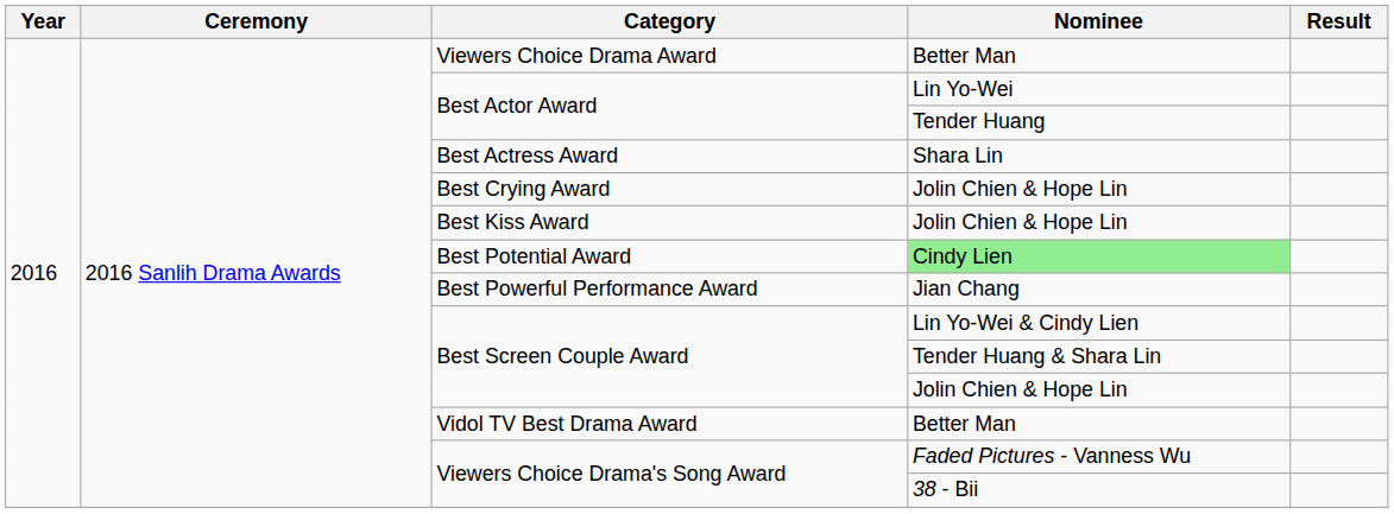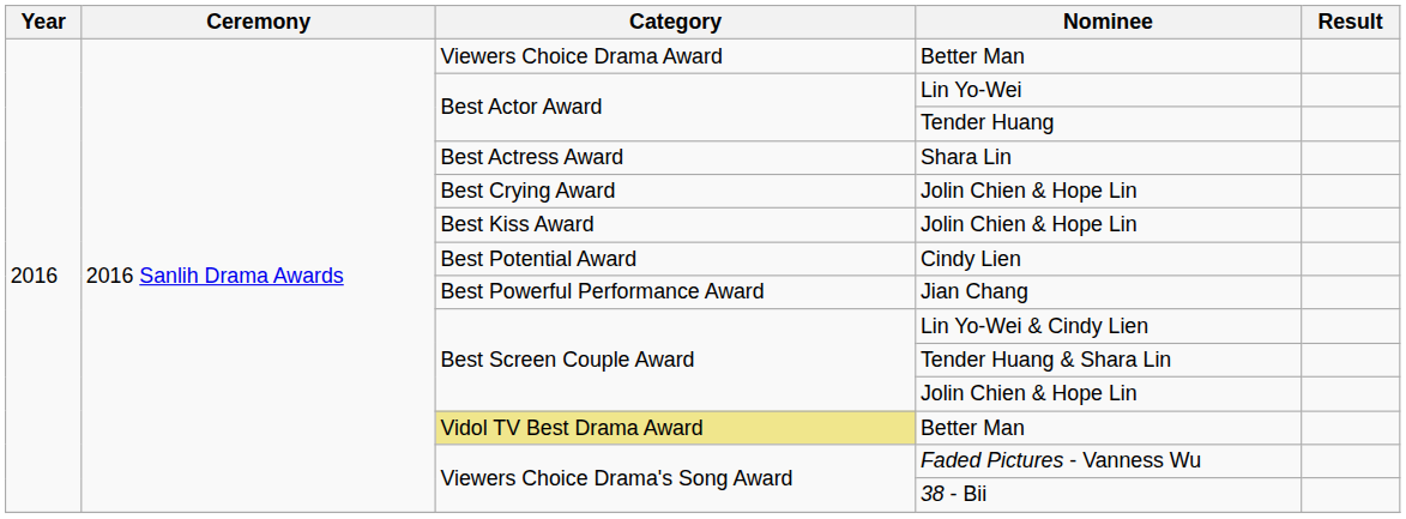 <table class="wikitable" width="83%">
 <tr>
 <th>Year</th>
 <th>Ceremony</th>
 <th>Category</th>
 <th>Nominee</th>
 <th>Result</th>
 </tr>
 <tr>
 <td rowspan=14>2016</td>
 <td rowspan=14>2016 <a href='#'>Sanlih Drama Awards</a></td>
 <td>Viewers Choice Drama Award</td>
 <td>Better Man</td>
 <td></td>
 </tr>
 <tr>
 <td rowspan=2>Best Actor Award</td>
 <td>Lin Yo-Wei</td>
 <td></td>
 </tr>
 <tr>
 <td>Tender Huang</td>
 <td></td>
 </tr>
 <tr>
 <td>Best Actress Award</td>
 <td>Shara Lin</td>
 <td></td>
 </tr>
 <tr>
 <td>Best Crying Award</td>
 <td>Jolin Chien & Hope Lin</td>
 <td></td>
 </tr>
 <tr>
 <td>Best Kiss Award</td>
 <td>Jolin Chien & Hope Lin</td>
 <td></td>
 </tr>
 <tr>
 <td>Best Potential Award</td>
-<td style="background: lightgreen;">Cindy Lien</td>
+<td>Cindy Lien</td>
 <td></td>
 </tr>
 <tr>
 <td>Best Powerful Performance Award</td>
 <td>Jian Chang</td>
 <td></td>
 </tr>
 <tr>
 <td rowspan=3>Best Screen Couple Award</td>
 <td>Lin Yo-Wei & Cindy Lien</td>
 <td></td>
 </tr>
 <tr>
 <td>Tender Huang & Shara Lin</td>
 <td></td>
 </tr>
 <tr>
 <td>Jolin Chien & Hope Lin</td>
 <td></td>
 </tr>
 <tr>
-<td>Vidol TV Best Drama Award</td>
+<td style="background: khaki;">Vidol TV Best Drama Award</td>
 <td>Better Man</td>
 <td></td>
 </tr>
 <tr>
 <td rowspan=2>Viewers Choice Drama's Song Award</td>
 <td><em>Faded Pictures</em> - Vanness Wu</td>
 <td></td>
 </tr>
 <tr>
 <td><em>38</em> - Bii</td>
 <td></td>
 </tr>
 <tr>
 </tr>
 </table>
